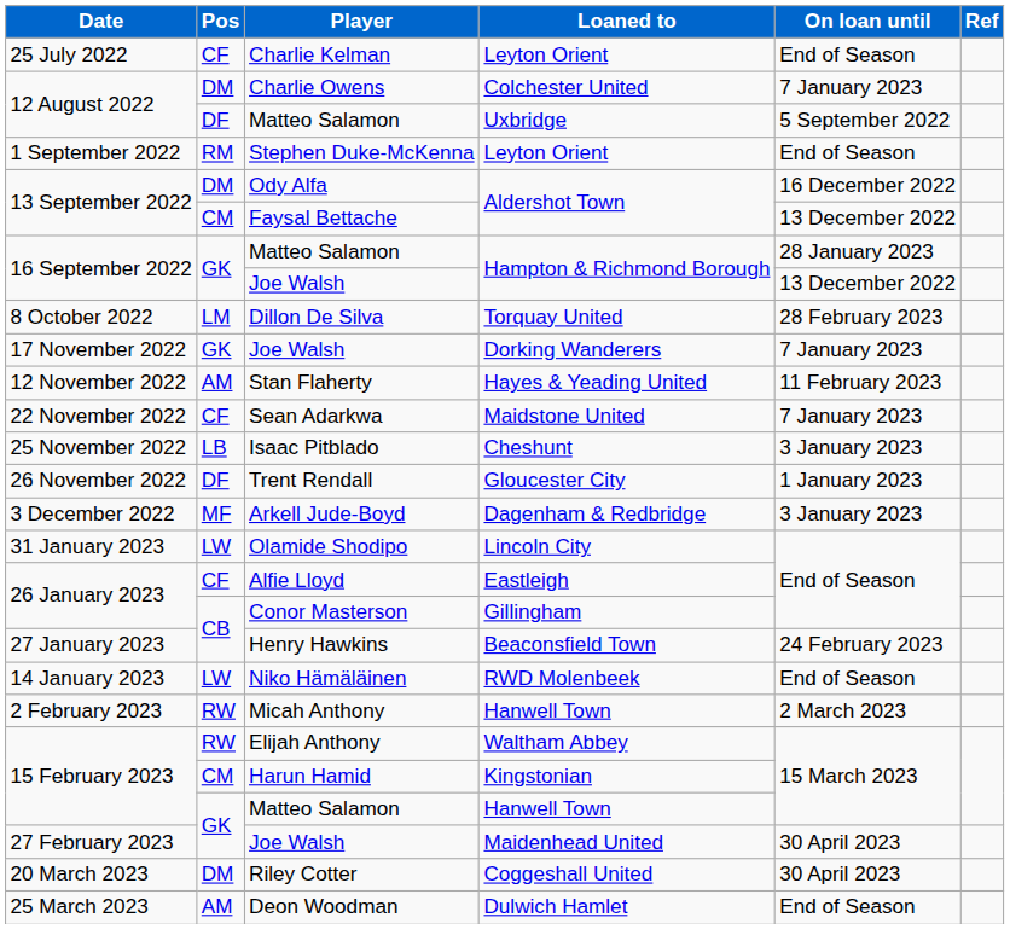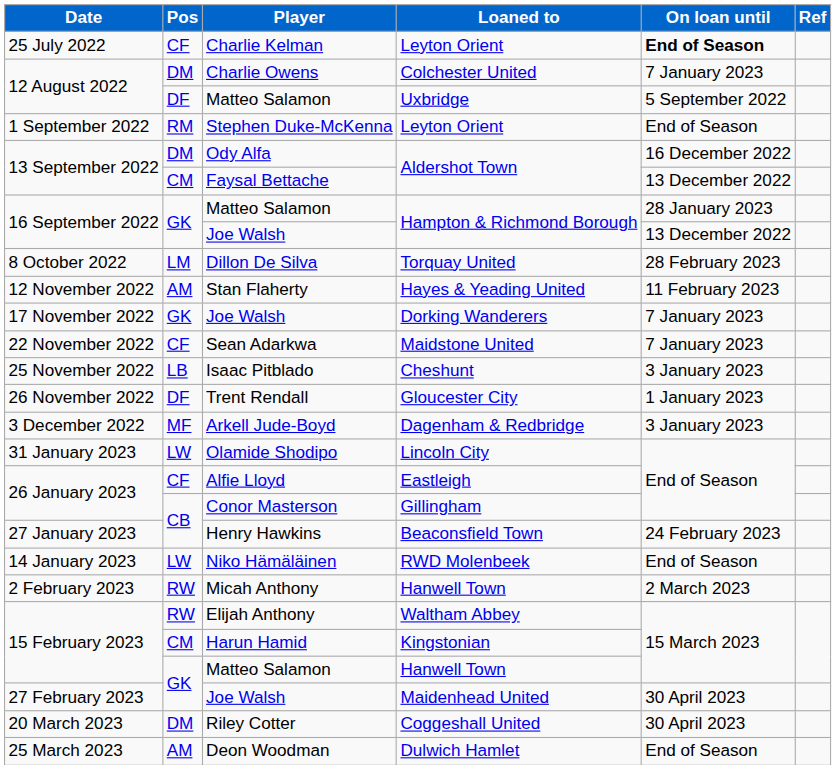 <table class="wikitable plainrowheaders sortable">
 <tr>
 <th style="background:#0066cc; color:#ffffff; ">Date</th>
 <th style="background:#0066cc; color:#ffffff; ">Pos</th>
 <th style="background:#0066cc; color:#ffffff; ">Player</th>
 <th style="background:#0066cc; color:#ffffff; ">Loaned to</th>
 <th style="background:#0066cc; color:#ffffff; ">On loan until</th>
 <th style="background:#0066cc; color:#ffffff; ">Ref</th>
 </tr>
 <tr>
 <td>25 July 2022</td>
 <td><a href='#'>CF</a></td>
 <td> <a href='#'>Charlie Kelman</a></td>
 <td> <a href='#'>Leyton Orient</a></td>
-<td>End of Season</td>
+<td><strong>End of Season</strong></td>
 <td></td>
 </tr>
 <tr>
 <td rowspan="2">12 August 2022</td>
 <td><a href='#'>DM</a></td>
 <td> <a href='#'>Charlie Owens</a></td>
 <td> <a href='#'>Colchester United</a></td>
 <td>7 January 2023</td>
 <td></td>
 </tr>
 <tr>
 <td><a href='#'>DF</a></td>
 <td> Matteo Salamon</td>
 <td> <a href='#'>Uxbridge</a></td>
 <td>5 September 2022</td>
 <td></td>
 </tr>
 <tr>
 <td>1 September 2022</td>
 <td><a href='#'>RM</a></td>
 <td> <a href='#'>Stephen Duke-McKenna</a></td>
 <td> <a href='#'>Leyton Orient</a></td>
 <td>End of Season</td>
 <td></td>
 </tr>
 <tr>
 <td rowspan="2">13 September 2022</td>
 <td><a href='#'>DM</a></td>
 <td> <a href='#'>Ody Alfa</a></td>
 <td rowspan="2"> <a href='#'>Aldershot Town</a></td>
 <td>16 December 2022</td>
 <td></td>
 </tr>
 <tr>
 <td><a href='#'>CM</a></td>
 <td> <a href='#'>Faysal Bettache</a></td>
 <td>13 December 2022</td>
 <td></td>
 </tr>
 <tr>
 <td rowspan="2">16 September 2022</td>
 <td rowspan="2"><a href='#'>GK</a></td>
 <td> Matteo Salamon</td>
 <td rowspan="2"> <a href='#'>Hampton & Richmond Borough</a></td>
 <td>28 January 2023</td>
 <td></td>
 </tr>
 <tr>
 <td> <a href='#'>Joe Walsh</a></td>
 <td>13 December 2022</td>
 <td></td>
 </tr>
 <tr>
 <td>8 October 2022</td>
 <td><a href='#'>LM</a></td>
 <td> <a href='#'>Dillon De Silva</a></td>
 <td> <a href='#'>Torquay United</a></td>
 <td>28 February 2023</td>
 <td></td>
 </tr>
 <tr>
+<td>12 November 2022</td>
+<td><a href='#'>AM</a></td>
+<td> Stan Flaherty</td>
+<td> <a href='#'>Hayes & Yeading United</a></td>
+<td>11 February 2023</td>
+<td></td>
+</tr>
+<tr>
 <td>17 November 2022</td>
 <td><a href='#'>GK</a></td>
 <td> <a href='#'>Joe Walsh</a></td>
 <td> <a href='#'>Dorking Wanderers</a></td>
 <td>7 January 2023</td>
-<td></td>
-</tr>
-<tr>
-<td>12 November 2022</td>
-<td><a href='#'>AM</a></td>
-<td> Stan Flaherty</td>
-<td> <a href='#'>Hayes & Yeading United</a></td>
-<td>11 February 2023</td>
 <td></td>
 </tr>
 <tr>
 <td>22 November 2022</td>
 <td><a href='#'>CF</a></td>
 <td> Sean Adarkwa</td>
 <td> <a href='#'>Maidstone United</a></td>
 <td>7 January 2023</td>
 <td></td>
 </tr>
 <tr>
 <td>25 November 2022</td>
 <td><a href='#'>LB</a></td>
 <td> Isaac Pitblado</td>
 <td> <a href='#'>Cheshunt</a></td>
 <td>3 January 2023</td>
 <td></td>
 </tr>
 <tr>
 <td>26 November 2022</td>
 <td><a href='#'>DF</a></td>
 <td> Trent Rendall</td>
 <td> <a href='#'>Gloucester City</a></td>
 <td>1 January 2023</td>
 <td></td>
 </tr>
 <tr>
 <td>3 December 2022</td>
 <td><a href='#'>MF</a></td>
 <td> <a href='#'>Arkell Jude-Boyd</a></td>
 <td> <a href='#'>Dagenham & Redbridge</a></td>
 <td>3 January 2023</td>
 <td></td>
 </tr>
 <tr>
 <td>31 January 2023</td>
 <td><a href='#'>LW</a></td>
 <td> <a href='#'>Olamide Shodipo</a></td>
 <td> <a href='#'>Lincoln City</a></td>
 <td rowspan="3">End of Season</td>
 <td></td>
 </tr>
 <tr>
 <td rowspan="2">26 January 2023</td>
 <td><a href='#'>CF</a></td>
 <td> <a href='#'>Alfie Lloyd</a></td>
 <td> <a href='#'>Eastleigh</a></td>
 <td></td>
 </tr>
 <tr>
 <td rowspan="2"><a href='#'>CB</a></td>
 <td> <a href='#'>Conor Masterson</a></td>
 <td> <a href='#'>Gillingham</a></td>
 <td></td>
 </tr>
 <tr>
 <td>27 January 2023</td>
 <td> Henry Hawkins</td>
 <td> <a href='#'>Beaconsfield Town</a></td>
 <td>24 February 2023</td>
 <td></td>
 </tr>
 <tr>
 <td>14 January 2023</td>
 <td><a href='#'>LW</a></td>
 <td> <a href='#'>Niko Hämäläinen</a></td>
 <td> <a href='#'>RWD Molenbeek</a></td>
 <td>End of Season</td>
 <td></td>
 </tr>
 <tr>
 <td>2 February 2023</td>
 <td><a href='#'>RW</a></td>
 <td> Micah Anthony</td>
 <td> <a href='#'>Hanwell Town</a></td>
 <td>2 March 2023</td>
 <td></td>
 </tr>
 <tr>
 <td rowspan="3">15 February 2023</td>
 <td><a href='#'>RW</a></td>
 <td> Elijah Anthony</td>
 <td> <a href='#'>Waltham Abbey</a></td>
 <td rowspan="3">15 March 2023</td>
 <td rowspan="3"></td>
 </tr>
 <tr>
 <td><a href='#'>CM</a></td>
 <td> <a href='#'>Harun Hamid</a></td>
 <td> <a href='#'>Kingstonian</a></td>
 </tr>
 <tr>
 <td rowspan="2"><a href='#'>GK</a></td>
 <td> Matteo Salamon</td>
 <td> <a href='#'>Hanwell Town</a></td>
 </tr>
 <tr>
 <td>27 February 2023</td>
 <td> <a href='#'>Joe Walsh</a></td>
 <td> <a href='#'>Maidenhead United</a></td>
 <td>30 April 2023</td>
 <td></td>
 </tr>
 <tr>
 <td>20 March 2023</td>
 <td><a href='#'>DM</a></td>
 <td> Riley Cotter</td>
 <td> <a href='#'>Coggeshall United</a></td>
 <td>30 April 2023</td>
 <td></td>
 </tr>
 <tr>
 <td>25 March 2023</td>
 <td><a href='#'>AM</a></td>
 <td> Deon Woodman</td>
 <td> <a href='#'>Dulwich Hamlet</a></td>
 <td>End of Season</td>
 <td></td>
 </tr>
 </table>
